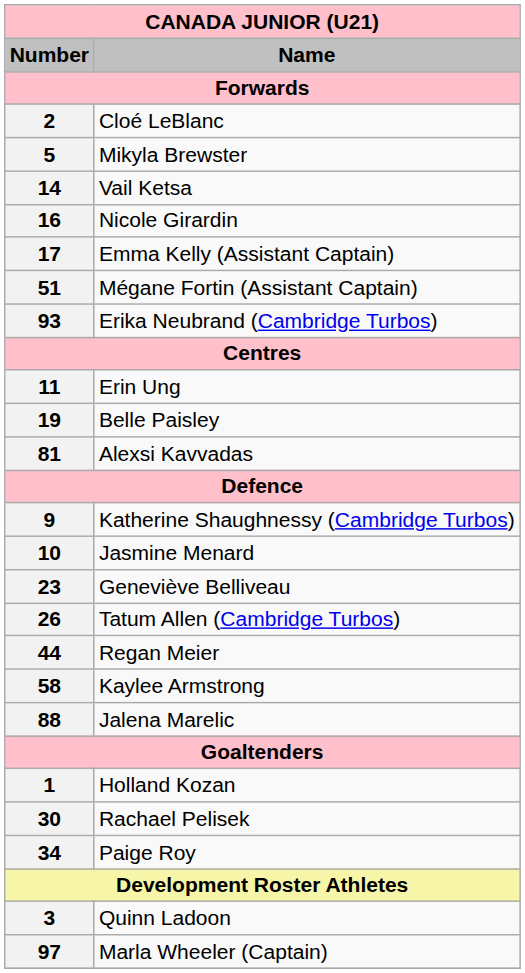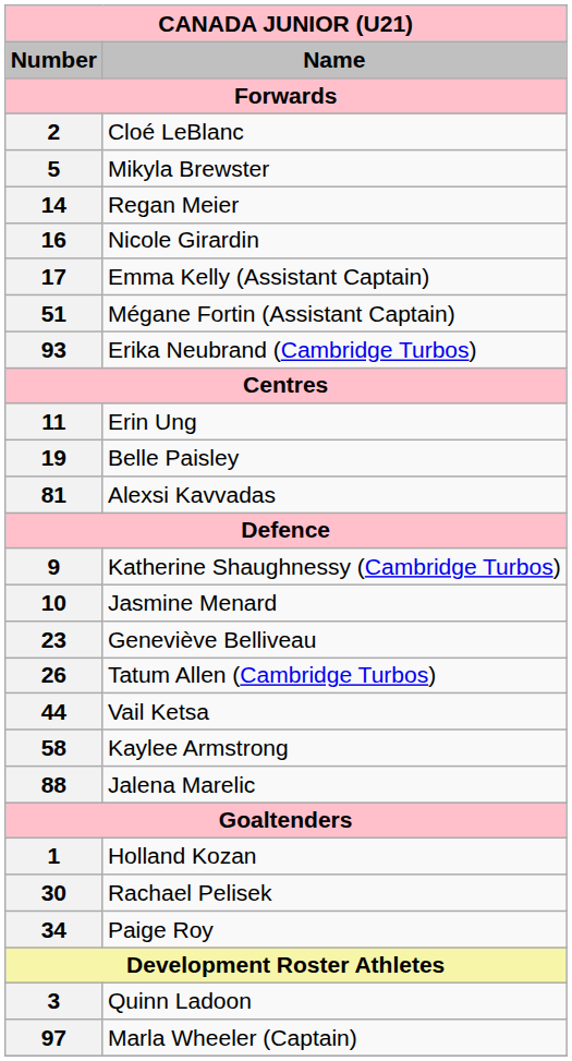 <table class="wikitable" style="text-align:left; font-size:90%;">
 <tr>
 <th style=background:pink colspan=2>CANADA JUNIOR (U21)</th>
 </tr>
 <tr>
 <th width=10 style="background:silver;">Number</th>
 <th style="background:silver;">Name</th>
 </tr>
 <tr>
 <th style=background:pink colspan=2>Forwards</th>
 </tr>
 <tr>
 <th>2</th>
 <td>Cloé LeBlanc</td>
 </tr>
 <tr>
 <th>5</th>
 <td>Mikyla Brewster</td>
 </tr>
 <tr>
 <th>14</th>
-<td>Vail Ketsa</td>
+<td>Regan Meier</td>
 </tr>
 <tr>
 <th>16</th>
 <td>Nicole Girardin</td>
 </tr>
 <tr>
 <th>17</th>
 <td>Emma Kelly (Assistant Captain)</td>
 </tr>
 <tr>
 <th>51</th>
 <td>Mégane Fortin (Assistant Captain)</td>
 </tr>
 <tr>
 <th>93</th>
 <td>Erika Neubrand (<a href='#'>Cambridge Turbos</a>)</td>
 </tr>
 <tr>
 <th style=background:pink colspan=2>Centres</th>
 </tr>
 <tr>
 <th>11</th>
 <td>Erin Ung</td>
 </tr>
 <tr>
 <th>19</th>
 <td>Belle Paisley</td>
 </tr>
 <tr>
 <th>81</th>
 <td>Alexsi Kavvadas</td>
 </tr>
 <tr>
 <th style=background:pink colspan=2>Defence</th>
 </tr>
 <tr>
 <th>9</th>
 <td>Katherine Shaughnessy (<a href='#'>Cambridge Turbos</a>)</td>
 </tr>
 <tr>
 <th>10</th>
 <td>Jasmine Menard</td>
 </tr>
 <tr>
 <th>23</th>
 <td>Geneviève Belliveau</td>
 </tr>
 <tr>
 <th>26</th>
 <td>Tatum Allen (<a href='#'>Cambridge Turbos</a>)</td>
 </tr>
 <tr>
 <th>44</th>
-<td>Regan Meier</td>
+<td>Vail Ketsa</td>
 </tr>
 <tr>
 <th>58</th>
 <td>Kaylee Armstrong</td>
 </tr>
 <tr>
 <th>88</th>
 <td>Jalena Marelic</td>
 </tr>
 <tr>
 <th style=background:pink colspan=3>Goaltenders</th>
 </tr>
 <tr>
 <th>1</th>
 <td>Holland Kozan</td>
 </tr>
 <tr>
 <th>30</th>
 <td>Rachael Pelisek</td>
 </tr>
 <tr>
 <th>34</th>
 <td>Paige Roy</td>
 </tr>
 <tr>
 <th style=background:#f7f6a8 colspan=3>Development Roster Athletes</th>
 </tr>
 <tr>
 <th>3</th>
 <td>Quinn Ladoon</td>
 </tr>
 <tr>
 <th>97</th>
 <td>Marla Wheeler (Captain)</td>
 </tr>
 <tr>
 </tr>
 </table>
